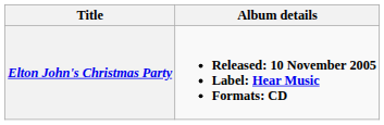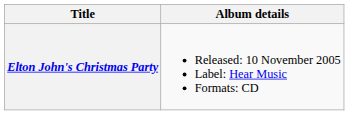 <table class="wikitable plainrowheaders" style="text-align:center;">
 <tr>
 <th scope="col">Title</th>
 <th scope="col">Album details</th>
 </tr>
 <tr>
 <th scope="row"><em><a href='#'>Elton John's Christmas Party</a></em></th>
-<td align="left"><strong><br><ul><li>Released: 10 November 2005</li><li>Label: <a href='#'>Hear Music</a></li><li>Formats: CD</li></ul></strong></td>
+<td align="left"><br><ul><li>Released: 10 November 2005</li><li>Label: <a href='#'>Hear Music</a></li><li>Formats: CD</li></ul></td>
 </tr>
 </table>
